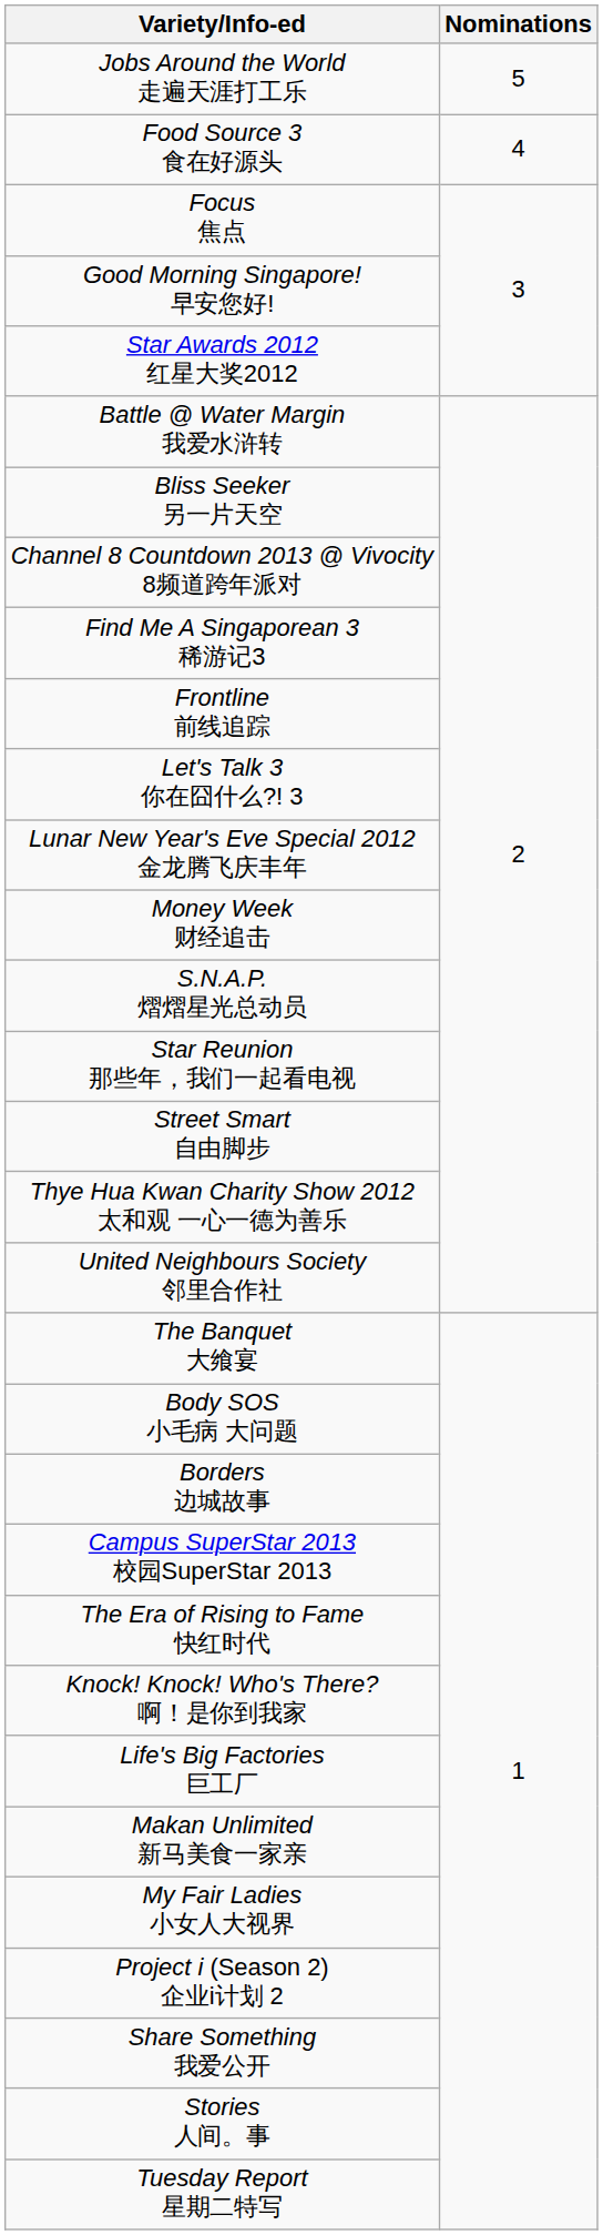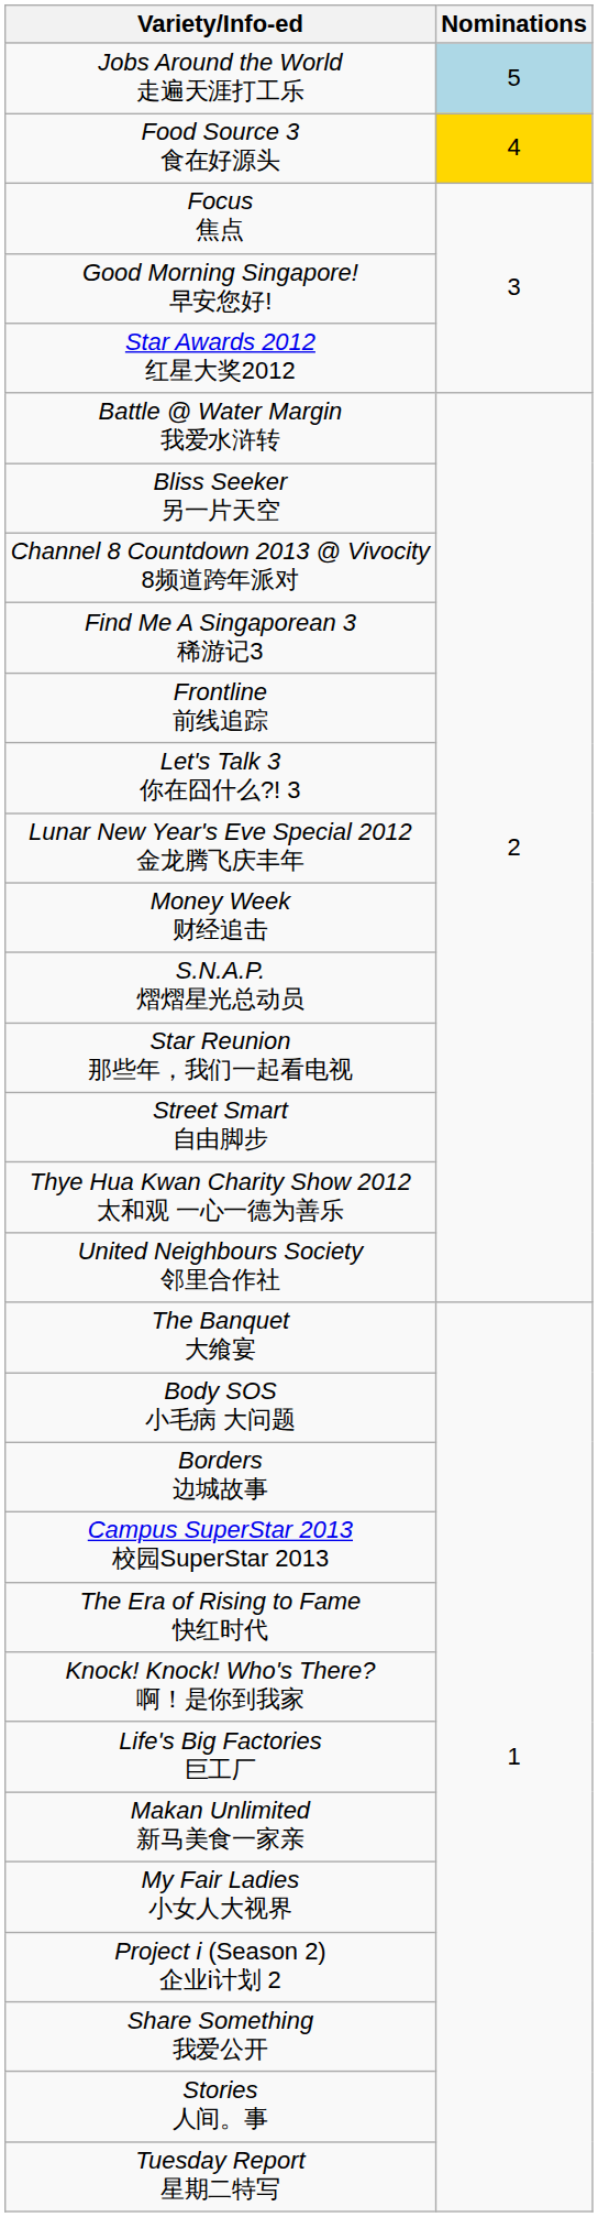 <table class="wikitable" style="text-align: center">
 <tr>
 <th>Variety/Info-ed</th>
 <th>Nominations</th>
 </tr>
 <tr>
 <td><em>Jobs Around the World</em><br> 走遍天涯打工乐</td>
-<td>5</td>
+<td style="background: lightblue;">5</td>
 </tr>
 <tr>
 <td><em>Food Source 3</em><br> 食在好源头</td>
-<td>4</td>
+<td style="background: gold;">4</td>
 </tr>
 <tr>
 <td><em>Focus</em><br> 焦点</td>
 <td rowspan=3>3</td>
 </tr>
 <tr>
 <td><em>Good Morning Singapore!</em><br> 早安您好!</td>
 </tr>
 <tr>
 <td><em><a href='#'>Star Awards 2012</a></em><br> 红星大奖2012</td>
 </tr>
 <tr>
 <td><em>Battle @ Water Margin</em><br> 我爱水浒转</td>
 <td rowspan=13>2</td>
 </tr>
 <tr>
 <td><em>Bliss Seeker</em><br> 另一片天空</td>
 </tr>
 <tr>
 <td><em>Channel 8 Countdown 2013 @ Vivocity</em> <br> 8频道跨年派对</td>
 </tr>
 <tr>
 <td><em>Find Me A Singaporean 3</em><br> 稀游记3</td>
 </tr>
 <tr>
 <td><em>Frontline</em><br> 前线追踪</td>
 </tr>
 <tr>
 <td><em>Let's Talk 3</em><br> 你在囧什么?! 3</td>
 </tr>
 <tr>
 <td><em>Lunar New Year's Eve Special 2012</em> <br> 金龙腾飞庆丰年</td>
 </tr>
 <tr>
 <td><em>Money Week</em><br> 财经追击</td>
 </tr>
 <tr>
 <td><em>S.N.A.P.</em> <br>熠熠星光总动员</td>
 </tr>
 <tr>
 <td><em>Star Reunion</em><br> 那些年，我们一起看电视</td>
 </tr>
 <tr>
 <td><em>Street Smart</em><br> 自由脚步</td>
 </tr>
 <tr>
 <td><em>Thye Hua Kwan Charity Show 2012</em> <br> 太和观 一心一德为善乐</td>
 </tr>
 <tr>
 <td><em>United Neighbours Society</em> <br>邻里合作社</td>
 </tr>
 <tr>
 <td><em>The Banquet</em><br> 大飨宴</td>
 <td rowspan=13>1</td>
 </tr>
 <tr>
 <td><em>Body SOS</em><br> 小毛病 大问题</td>
 </tr>
 <tr>
 <td><em>Borders</em> <br>边城故事</td>
 </tr>
 <tr>
 <td><em><a href='#'>Campus SuperStar 2013</a></em> <br> 校园SuperStar 2013</td>
 </tr>
 <tr>
 <td><em>The Era of Rising to Fame</em><br> 快红时代</td>
 </tr>
 <tr>
 <td><em>Knock! Knock! Who's There?</em> <br> 啊！是你到我家</td>
 </tr>
 <tr>
 <td><em>Life's Big Factories</em><br> 巨工厂</td>
 </tr>
 <tr>
 <td><em>Makan Unlimited</em> <br>新马美食一家亲</td>
 </tr>
 <tr>
 <td><em>My Fair Ladies</em> <br>小女人大视界</td>
 </tr>
 <tr>
 <td><em>Project i</em> (Season 2)<br> 企业i计划 2</td>
 </tr>
 <tr>
 <td><em>Share Something</em><br> 我爱公开</td>
 </tr>
 <tr>
 <td><em>Stories</em> <br>人间。事</td>
 </tr>
 <tr>
 <td><em>Tuesday Report</em><br> 星期二特写</td>
 </tr>
 </table>
